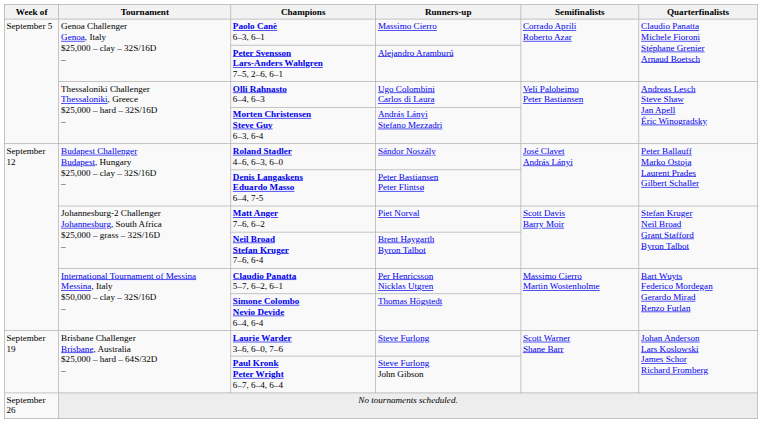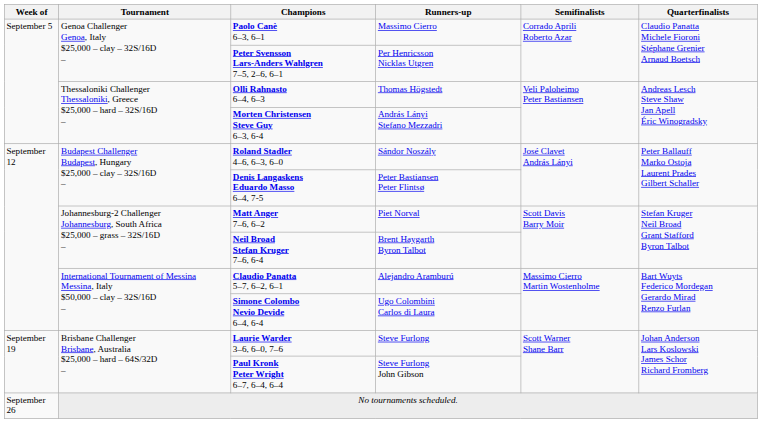 <table class="wikitable" style="font-size:85%;">
 <tr>
 <th width="75">Week of</th>
 <th width="250">Tournament</th>
 <th width="210">Champions</th>
 <th width="210">Runners-up</th>
 <th width="170">Semifinalists</th>
 <th width="170">Quarterfinalists</th>
 </tr>
 <tr valign="top">
 <td rowspan="4">September 5</td>
 <td rowspan="2">Genoa Challenger<br> <a href='#'>Genoa</a>, Italy<br>$25,000 – clay – 32S/16D<br>  – </td>
 <td> <strong><a href='#'>Paolo Canè</a></strong> <br>6–3, 6–1</td>
 <td> <a href='#'>Massimo Cierro</a></td>
 <td rowspan="2"> <a href='#'>Corrado Aprili</a> <br>  <a href='#'>Roberto Azar</a></td>
 <td rowspan="2"> <a href='#'>Claudio Panatta</a> <br> <a href='#'>Michele Fioroni</a> <br> <a href='#'>Stéphane Grenier</a> <br>  <a href='#'>Arnaud Boetsch</a></td>
 </tr>
 <tr valign="top">
 <td> <strong><a href='#'>Peter Svensson</a></strong> <br> <strong><a href='#'>Lars-Anders Wahlgren</a></strong><br> 7–5, 2–6, 6–1</td>
-<td> <a href='#'>Alejandro Aramburú</a></td>
+<td> <a href='#'>Per Henricsson</a> <br>  <a href='#'>Nicklas Utgren</a></td>
 </tr>
 <tr valign="top">
 <td rowspan="2">Thessaloniki Challenger<br> <a href='#'>Thessaloniki</a>, Greece<br>$25,000 – hard – 32S/16D<br>  – </td>
 <td> <strong><a href='#'>Olli Rahnasto</a></strong> <br>6–4, 6–3</td>
-<td> <a href='#'>Ugo Colombini</a><br> <a href='#'>Carlos di Laura</a></td>
+<td> <a href='#'>Thomas Högstedt</a></td>
 <td rowspan="2"> <a href='#'>Veli Paloheimo</a> <br>  <a href='#'>Peter Bastiansen</a></td>
 <td rowspan="2"> <a href='#'>Andreas Lesch</a> <br>  <a href='#'>Steve Shaw</a> <br> <a href='#'>Jan Apell</a> <br>  <a href='#'>Éric Winogradsky</a></td>
 </tr>
 <tr valign="top">
 <td> <strong><a href='#'>Morten Christensen</a></strong> <br> <strong><a href='#'>Steve Guy</a></strong><br> 6–3, 6-4</td>
 <td> <a href='#'>András Lányi</a> <br> <a href='#'>Stefano Mezzadri</a></td>
 </tr>
 <tr valign="top">
 <td rowspan="6">September 12</td>
 <td rowspan="2"><a href='#'>Budapest Challenger</a><br> <a href='#'>Budapest</a>, Hungary<br>$25,000 – clay – 32S/16D<br>  – </td>
 <td> <strong><a href='#'>Roland Stadler</a></strong> <br>4–6, 6–3, 6–0</td>
 <td> <a href='#'>Sándor Noszály</a></td>
 <td rowspan="2"> <a href='#'>José Clavet</a> <br>  <a href='#'>András Lányi</a></td>
 <td rowspan="2"> <a href='#'>Peter Ballauff</a> <br>  <a href='#'>Marko Ostoja</a> <br> <a href='#'>Laurent Prades</a> <br>  <a href='#'>Gilbert Schaller</a></td>
 </tr>
 <tr valign="top">
 <td> <strong><a href='#'>Denis Langaskens</a></strong> <br> <strong><a href='#'>Eduardo Masso</a></strong><br> 6–4, 7-5</td>
 <td> <a href='#'>Peter Bastiansen</a> <br> <a href='#'>Peter Flintsø</a></td>
 </tr>
 <tr valign="top">
 <td rowspan="2">Johannesburg-2 Challenger<br> <a href='#'>Johannesburg</a>, South Africa<br>$25,000 – grass – 32S/16D<br>  – </td>
 <td> <strong><a href='#'>Matt Anger</a></strong> <br>7–6, 6–2</td>
 <td> <a href='#'>Piet Norval</a></td>
 <td rowspan="2"> <a href='#'>Scott Davis</a> <br>  <a href='#'>Barry Moir</a></td>
 <td rowspan="2"> <a href='#'>Stefan Kruger</a> <br> <a href='#'>Neil Broad</a> <br> <a href='#'>Grant Stafford</a> <br>  <a href='#'>Byron Talbot</a></td>
 </tr>
 <tr valign="top">
 <td> <strong><a href='#'>Neil Broad</a></strong> <br> <strong><a href='#'>Stefan Kruger</a></strong><br> 7–6, 6-4</td>
 <td> <a href='#'>Brent Haygarth</a> <br>  <a href='#'>Byron Talbot</a></td>
 </tr>
 <tr valign="top">
 <td rowspan="2"><a href='#'>International Tournament of Messina</a><br> <a href='#'>Messina</a>, Italy<br>$50,000 – clay – 32S/16D<br>  – </td>
 <td> <strong><a href='#'>Claudio Panatta</a></strong> <br>5–7, 6–2, 6–1</td>
-<td> <a href='#'>Per Henricsson</a> <br>  <a href='#'>Nicklas Utgren</a></td>
+<td> <a href='#'>Alejandro Aramburú</a></td>
 <td rowspan="2"> <a href='#'>Massimo Cierro</a> <br>  <a href='#'>Martin Wostenholme</a></td>
 <td rowspan="2"> <a href='#'>Bart Wuyts</a> <br>  <a href='#'>Federico Mordegan</a> <br> <a href='#'>Gerardo Mirad</a> <br>  <a href='#'>Renzo Furlan</a></td>
 </tr>
 <tr valign="top">
 <td> <strong><a href='#'>Simone Colombo</a></strong> <br> <strong><a href='#'>Nevio Devide</a></strong><br> 6–4, 6-4</td>
-<td> <a href='#'>Thomas Högstedt</a></td>
+<td> <a href='#'>Ugo Colombini</a><br> <a href='#'>Carlos di Laura</a></td>
 </tr>
 <tr valign="top">
 <td rowspan="2">September 19</td>
 <td rowspan="2">Brisbane Challenger<br> <a href='#'>Brisbane</a>, Australia<br>$25,000 – hard – 64S/32D<br>  – </td>
 <td> <strong><a href='#'>Laurie Warder</a></strong> <br>3–6, 6–0, 7–6</td>
 <td> <a href='#'>Steve Furlong</a></td>
 <td rowspan="2"> <a href='#'>Scott Warner</a> <br>  <a href='#'>Shane Barr</a></td>
 <td rowspan="2"> <a href='#'>Johan Anderson</a> <br>  <a href='#'>Lars Koslowski</a> <br> <a href='#'>James Schor</a> <br>  <a href='#'>Richard Fromberg</a></td>
 </tr>
 <tr valign="top">
 <td> <strong><a href='#'>Paul Kronk</a></strong> <br> <strong><a href='#'>Peter Wright</a></strong><br> 6–7, 6–4, 6–4</td>
 <td> <a href='#'>Steve Furlong</a> <br> John Gibson</td>
 </tr>
 <tr valign="top">
 <td>September 26</td>
 <td colspan="5" bgcolor="#ededed" align=center><em>No tournaments scheduled.</em></td>
 </tr>
 </table>
